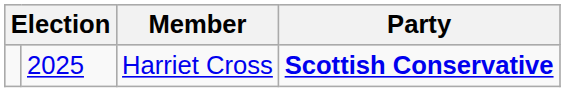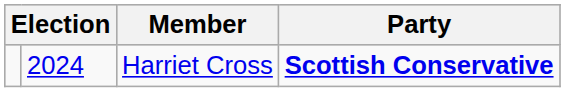 <table class="wikitable">
 <tr>
 <th colspan="2">Election</th>
 <th>Member</th>
 <th>Party</th>
 </tr>
 <tr>
 <td style="color:inherit;background-color: "></td>
-<td><a href='#'>2025</a></td>
+<td><a href='#'>2024</a></td>
 <td><a href='#'>Harriet Cross</a></td>
 <td><strong><a href='#'>Scottish Conservative</a></strong></td>
 </tr>
 </table>
